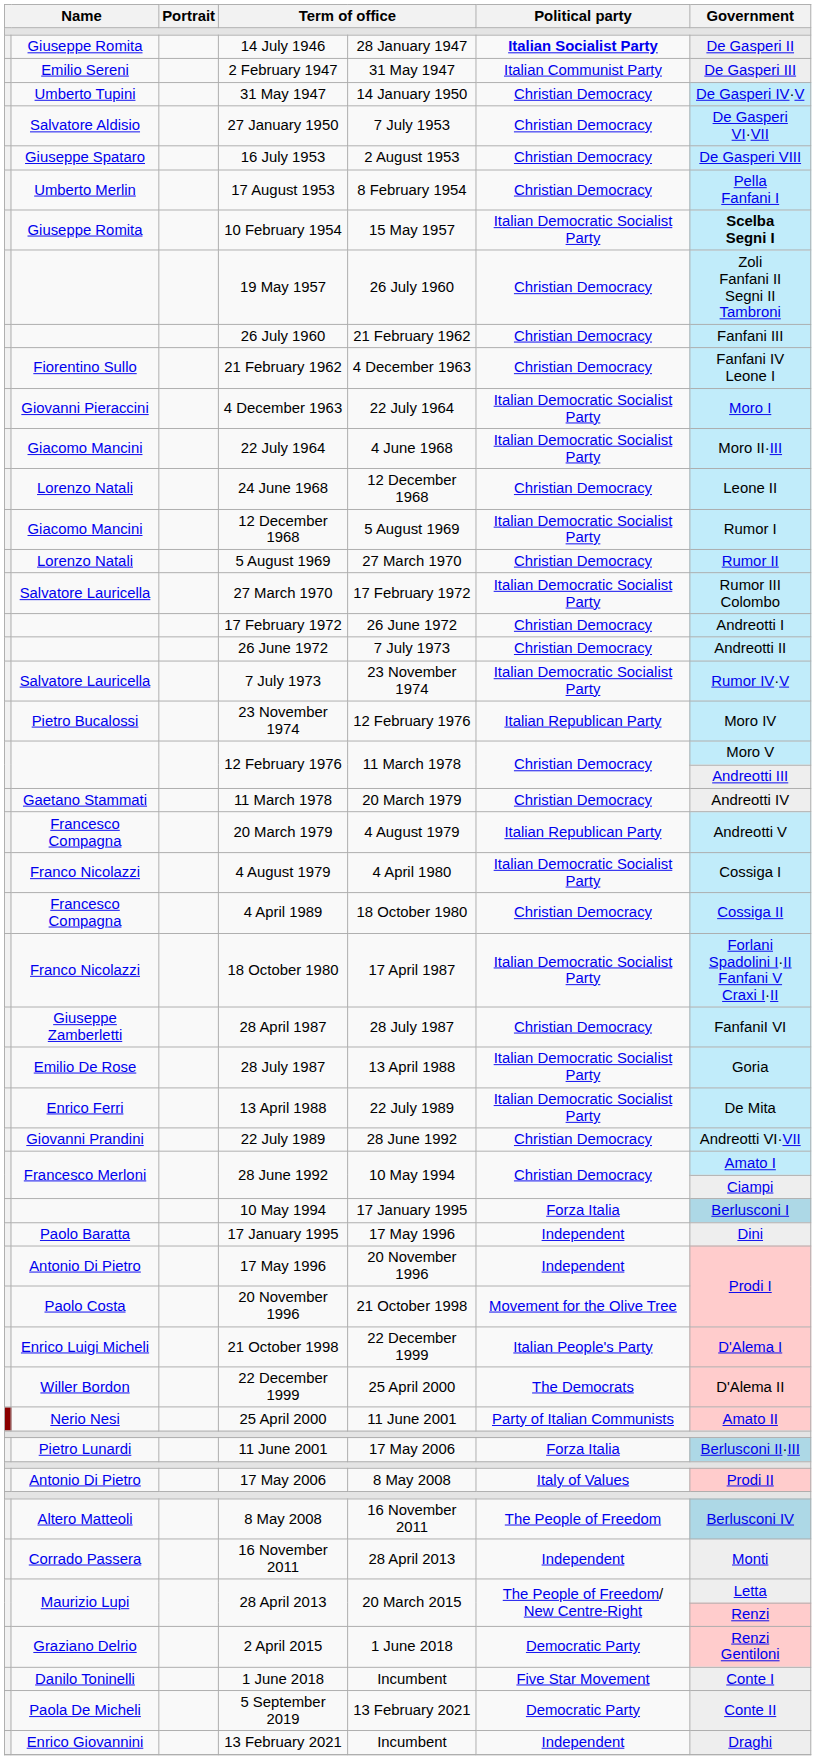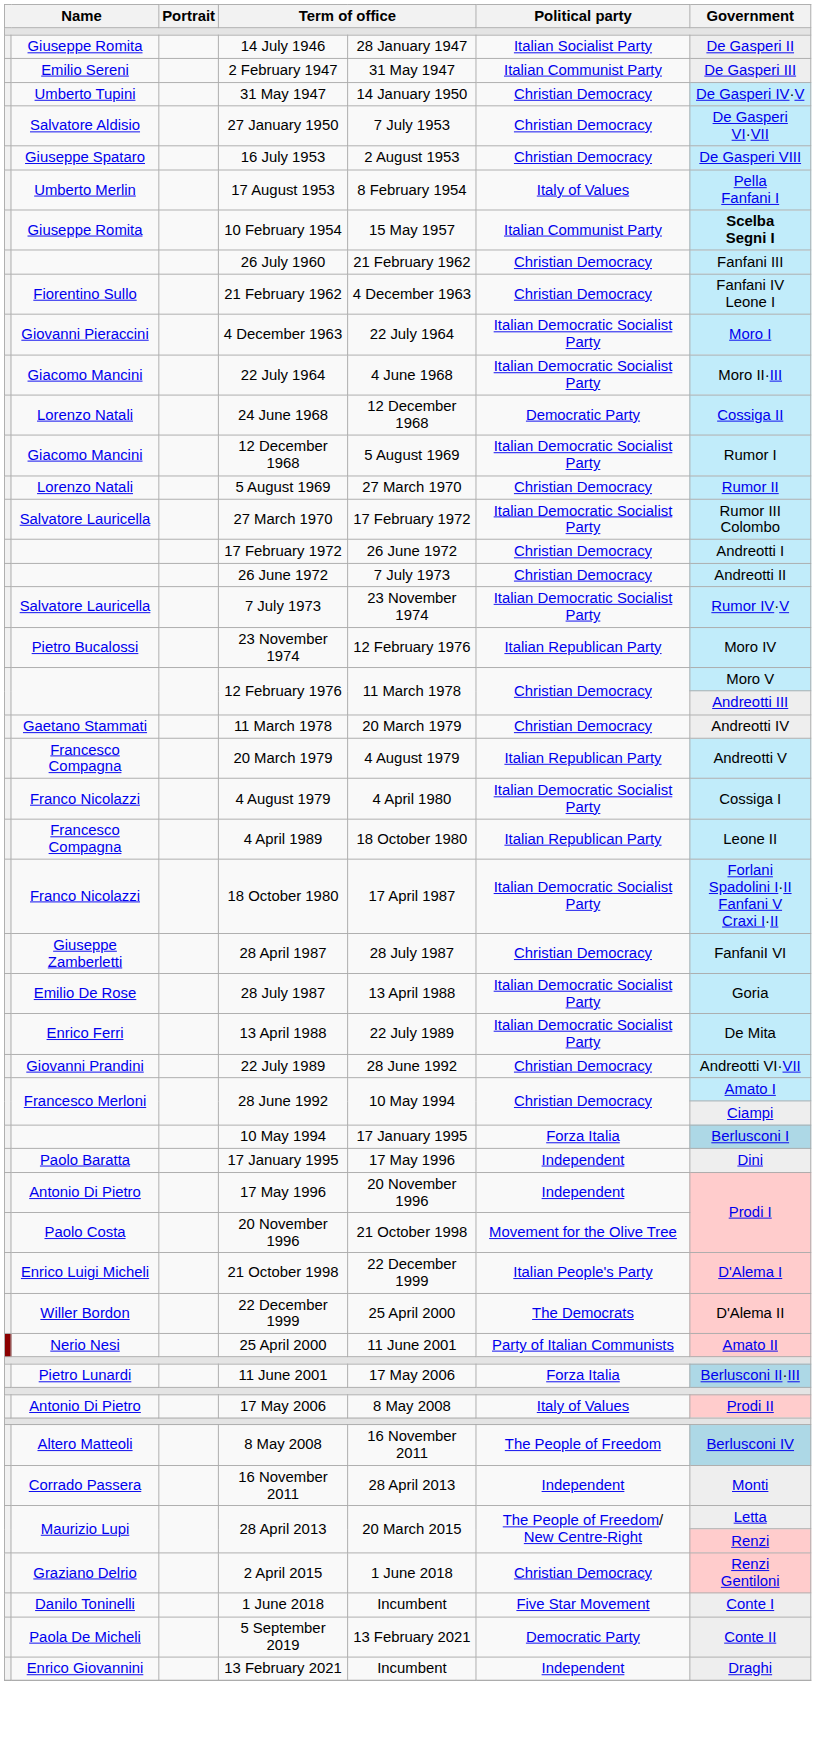 <table class="wikitable" style="text-align:center">
 <tr>
 <th colspan=2>Name<br></th>
 <th>Portrait</th>
 <th colspan=2>Term of office</th>
 <th>Political party</th>
 <th>Government</th>
 </tr>
 <tr>
 <td style="background:#E4E4E4;" colspan=7></td>
 </tr>
 <tr>
 <th style="background:"></th>
 <td><a href='#'>Giuseppe Romita</a><br></td>
 <td></td>
 <td>14 July 1946</td>
 <td>28 January 1947</td>
-<td><strong><a href='#'>Italian Socialist Party</a></strong></td>
+<td><a href='#'>Italian Socialist Party</a></td>
 <td bgcolor=#EEEEEE><a href='#'>De Gasperi II</a></td>
 </tr>
 <tr>
 <th style="background:"></th>
 <td><a href='#'>Emilio Sereni</a><br></td>
 <td></td>
 <td>2 February 1947</td>
 <td>31 May 1947</td>
 <td><a href='#'>Italian Communist Party</a></td>
 <td bgcolor=#EEEEEE><a href='#'>De Gasperi III</a></td>
 </tr>
 <tr>
 <th style="background:"></th>
 <td><a href='#'>Umberto Tupini</a><br></td>
 <td></td>
 <td>31 May 1947</td>
 <td>14 January 1950</td>
 <td><a href='#'>Christian Democracy</a></td>
 <td bgcolor=#C1ECFA><a href='#'>De Gasperi IV</a>·<a href='#'>V</a></td>
 </tr>
 <tr>
 <th style="background:"></th>
 <td><a href='#'>Salvatore Aldisio</a><br></td>
 <td></td>
 <td>27 January 1950</td>
 <td>7 July 1953</td>
 <td><a href='#'>Christian Democracy</a></td>
 <td bgcolor=#C1ECFA><a href='#'>De Gasperi VI</a>·<a href='#'>VII</a></td>
 </tr>
 <tr>
 <th style="background:"></th>
 <td><a href='#'>Giuseppe Spataro</a><br></td>
 <td></td>
 <td>16 July 1953</td>
 <td>2 August 1953</td>
 <td><a href='#'>Christian Democracy</a></td>
 <td bgcolor=#C1ECFA><a href='#'>De Gasperi VIII</a></td>
 </tr>
 <tr>
 <th style="background:"></th>
 <td><a href='#'>Umberto Merlin</a><br></td>
 <td></td>
 <td>17 August 1953</td>
 <td>8 February 1954</td>
-<td><a href='#'>Christian Democracy</a></td>
+<td><a href='#'>Italy of Values</a></td>
 <td bgcolor=#C1ECFA><a href='#'>Pella</a><br><a href='#'>Fanfani I</a></td>
 </tr>
 <tr>
 <th style="background:"></th>
 <td><a href='#'>Giuseppe Romita</a><br></td>
 <td></td>
 <td>10 February 1954</td>
 <td>15 May 1957</td>
-<td><a href='#'>Italian Democratic Socialist Party</a></td>
+<td><a href='#'>Italian Communist Party</a></td>
 <td bgcolor=#C1ECFA><strong>Scelba<br>Segni I</strong></td>
-</tr>
-<tr>
-<th style="background:"></th>
-<td><br></td>
-<td></td>
-<td>19 May 1957</td>
-<td>26 July 1960</td>
-<td><a href='#'>Christian Democracy</a></td>
-<td bgcolor=#C1ECFA>Zoli<br>Fanfani II<br>Segni II<br><a href='#'>Tambroni</a></td>
 </tr>
 <tr>
 <th style="background:"></th>
 <td><br></td>
 <td></td>
 <td>26 July 1960</td>
 <td>21 February 1962</td>
 <td><a href='#'>Christian Democracy</a></td>
 <td bgcolor=#C1ECFA>Fanfani III</td>
 </tr>
 <tr>
 <th style="background:"></th>
 <td><a href='#'>Fiorentino Sullo</a><br></td>
 <td></td>
 <td>21 February 1962</td>
 <td>4 December 1963</td>
 <td><a href='#'>Christian Democracy</a></td>
 <td bgcolor=#C1ECFA>Fanfani IV<br>Leone I</td>
 </tr>
 <tr>
 <th style="background:"></th>
 <td><a href='#'>Giovanni Pieraccini</a><br></td>
 <td></td>
 <td>4 December 1963</td>
 <td>22 July 1964</td>
 <td><a href='#'>Italian Democratic Socialist Party</a></td>
 <td bgcolor=#C1ECFA><a href='#'>Moro I</a></td>
 </tr>
 <tr>
 <th style="background:"></th>
 <td><a href='#'>Giacomo Mancini</a><br></td>
 <td></td>
 <td>22 July 1964</td>
 <td>4 June 1968</td>
 <td><a href='#'>Italian Democratic Socialist Party</a></td>
 <td bgcolor=#C1ECFA>Moro II·<a href='#'>III</a></td>
 </tr>
 <tr>
 <th style="background:"></th>
 <td><a href='#'>Lorenzo Natali</a><br></td>
 <td></td>
 <td>24 June 1968</td>
 <td>12 December 1968</td>
-<td><a href='#'>Christian Democracy</a></td>
-<td bgcolor=#C1ECFA>Leone II</td>
+<td><a href='#'>Democratic Party</a></td>
+<td bgcolor=#C1ECFA><a href='#'>Cossiga II</a></td>
 </tr>
 <tr>
 <th style="background:"></th>
 <td><a href='#'>Giacomo Mancini</a><br></td>
 <td></td>
 <td>12 December 1968</td>
 <td>5 August 1969</td>
 <td><a href='#'>Italian Democratic Socialist Party</a></td>
 <td bgcolor=#C1ECFA>Rumor I</td>
 </tr>
 <tr>
 <th style="background:"></th>
 <td><a href='#'>Lorenzo Natali</a><br></td>
 <td></td>
 <td>5 August 1969</td>
 <td>27 March 1970</td>
 <td><a href='#'>Christian Democracy</a></td>
 <td bgcolor=#C1ECFA><a href='#'>Rumor II</a></td>
 </tr>
 <tr>
 <th style="background:"></th>
 <td><a href='#'>Salvatore Lauricella</a><br></td>
 <td></td>
 <td>27 March 1970</td>
 <td>17 February 1972</td>
 <td><a href='#'>Italian Democratic Socialist Party</a></td>
 <td bgcolor=#C1ECFA>Rumor III<br>Colombo</td>
 </tr>
 <tr>
 <th style="background:"></th>
 <td></td>
 <td></td>
 <td>17 February 1972</td>
 <td>26 June 1972</td>
 <td><a href='#'>Christian Democracy</a></td>
 <td bgcolor=#C1ECFA>Andreotti I</td>
 </tr>
 <tr>
 <th style="background:"></th>
 <td></td>
 <td></td>
 <td>26 June 1972</td>
 <td>7 July 1973</td>
 <td><a href='#'>Christian Democracy</a></td>
 <td bgcolor=#C1ECFA>Andreotti II</td>
 </tr>
 <tr>
 <th style="background:"></th>
 <td><a href='#'>Salvatore Lauricella</a><br></td>
 <td></td>
 <td>7 July 1973</td>
 <td>23 November 1974</td>
 <td><a href='#'>Italian Democratic Socialist Party</a></td>
 <td bgcolor=#C1ECFA><a href='#'>Rumor IV</a>·<a href='#'>V</a></td>
 </tr>
 <tr>
 <th style="background:"></th>
 <td><a href='#'>Pietro Bucalossi</a><br></td>
 <td></td>
 <td>23 November 1974</td>
 <td>12 February 1976</td>
 <td><a href='#'>Italian Republican Party</a></td>
 <td bgcolor=#C1ECFA>Moro IV</td>
 </tr>
 <tr>
 <th rowspan=2 style="background:"></th>
 <td rowspan=2></td>
 <td rowspan=2></td>
 <td rowspan=2>12 February 1976</td>
 <td rowspan=2>11 March 1978</td>
 <td rowspan=2><a href='#'>Christian Democracy</a></td>
 <td bgcolor=#C1ECFA>Moro V</td>
 </tr>
 <tr>
 <td bgcolor=#EEEEEE><a href='#'>Andreotti III</a></td>
 </tr>
 <tr>
 <th style="background:"></th>
 <td><a href='#'>Gaetano Stammati</a><br></td>
 <td></td>
 <td>11 March 1978</td>
 <td>20 March 1979</td>
 <td><a href='#'>Christian Democracy</a></td>
 <td bgcolor=#EEEEEE>Andreotti IV</td>
 </tr>
 <tr>
 <th style="background:"></th>
 <td><a href='#'>Francesco Compagna</a><br></td>
 <td></td>
 <td>20 March 1979</td>
 <td>4 August 1979</td>
 <td><a href='#'>Italian Republican Party</a></td>
 <td bgcolor=#C1ECFA>Andreotti V</td>
 </tr>
 <tr>
 <th style="background:"></th>
 <td><a href='#'>Franco Nicolazzi</a><br></td>
 <td></td>
 <td>4 August 1979</td>
 <td>4 April 1980</td>
 <td><a href='#'>Italian Democratic Socialist Party</a></td>
 <td bgcolor=#C1ECFA>Cossiga I</td>
 </tr>
 <tr>
 <th style="background:"></th>
 <td><a href='#'>Francesco Compagna</a><br></td>
 <td></td>
 <td>4 April 1989</td>
 <td>18 October 1980</td>
-<td><a href='#'>Christian Democracy</a></td>
-<td bgcolor=#C1ECFA><a href='#'>Cossiga II</a></td>
+<td><a href='#'>Italian Republican Party</a></td>
+<td bgcolor=#C1ECFA>Leone II</td>
 </tr>
 <tr>
 <th style="background:"></th>
 <td><a href='#'>Franco Nicolazzi</a><br></td>
 <td></td>
 <td>18 October 1980</td>
 <td>17 April 1987</td>
 <td><a href='#'>Italian Democratic Socialist Party</a></td>
 <td bgcolor=#C1ECFA><a href='#'>Forlani</a><br><a href='#'>Spadolini I</a>·<a href='#'>II</a><br><a href='#'>Fanfani V</a><br><a href='#'>Craxi I</a>·<a href='#'>II</a></td>
 </tr>
 <tr>
 <th style="background:"></th>
 <td><a href='#'>Giuseppe Zamberletti</a><br></td>
 <td></td>
 <td>28 April 1987</td>
 <td>28 July 1987</td>
 <td><a href='#'>Christian Democracy</a></td>
 <td bgcolor=#C1ECFA>FanfaniI VI</td>
 </tr>
 <tr>
 <th style="background:"></th>
 <td><a href='#'>Emilio De Rose</a><br></td>
 <td></td>
 <td>28 July 1987</td>
 <td>13 April 1988</td>
 <td><a href='#'>Italian Democratic Socialist Party</a></td>
 <td bgcolor=#C1ECFA>Goria</td>
 </tr>
 <tr>
 <th style="background:"></th>
 <td><a href='#'>Enrico Ferri</a><br></td>
 <td></td>
 <td>13 April 1988</td>
 <td>22 July 1989</td>
 <td><a href='#'>Italian Democratic Socialist Party</a></td>
 <td bgcolor=#C1ECFA>De Mita</td>
 </tr>
 <tr>
 <th style="background:"></th>
 <td><a href='#'>Giovanni Prandini</a><br></td>
 <td></td>
 <td>22 July 1989</td>
 <td>28 June 1992</td>
 <td><a href='#'>Christian Democracy</a></td>
 <td bgcolor=#C1ECFA>Andreotti VI·<a href='#'>VII</a></td>
 </tr>
 <tr>
 <th rowspan=2 style="background:"></th>
 <td rowspan=2><a href='#'>Francesco Merloni</a><br></td>
 <td rowspan=2></td>
 <td rowspan=2>28 June 1992</td>
 <td rowspan=2>10 May 1994</td>
 <td rowspan=2><a href='#'>Christian Democracy</a></td>
 <td bgcolor=#C1ECFA><a href='#'>Amato I</a></td>
 </tr>
 <tr>
 <td bgcolor=#EEEEEE><a href='#'>Ciampi</a></td>
 </tr>
 <tr>
 <th style="background:"></th>
 <td><br></td>
 <td></td>
 <td>10 May 1994</td>
 <td>17 January 1995</td>
 <td><a href='#'>Forza Italia</a></td>
 <td bgcolor=#ADD8E6><a href='#'>Berlusconi I</a></td>
 </tr>
 <tr>
 <th style="background:"></th>
 <td><a href='#'>Paolo Baratta</a><br></td>
 <td></td>
 <td>17 January 1995</td>
 <td>17 May 1996</td>
 <td><a href='#'>Independent</a></td>
 <td bgcolor=#EEEEEE><a href='#'>Dini</a></td>
 </tr>
 <tr>
 <th style="background:"></th>
 <td><a href='#'>Antonio Di Pietro</a><br></td>
 <td></td>
 <td>17 May 1996</td>
 <td>20 November 1996</td>
 <td><a href='#'>Independent</a></td>
 <td rowspan=2 bgcolor=#FFCCCC><a href='#'>Prodi I</a></td>
 </tr>
 <tr>
 <th style="background:"></th>
 <td><a href='#'>Paolo Costa</a><br></td>
 <td></td>
 <td>20 November 1996</td>
 <td>21 October 1998</td>
 <td><a href='#'>Movement for the Olive Tree</a></td>
 </tr>
 <tr>
 <th style="background:"></th>
 <td><a href='#'>Enrico Luigi Micheli</a><br></td>
 <td></td>
 <td>21 October 1998</td>
 <td>22 December 1999</td>
 <td><a href='#'>Italian People's Party</a></td>
 <td bgcolor=#FFCCCC><a href='#'>D'Alema I</a></td>
 </tr>
 <tr>
 <th style="background:"></th>
 <td><a href='#'>Willer Bordon</a><br></td>
 <td></td>
 <td>22 December 1999</td>
 <td>25 April 2000</td>
 <td><a href='#'>The Democrats</a></td>
 <td bgcolor=#FFCCCC>D'Alema II</td>
 </tr>
 <tr>
 <th style="background:darkred;"></th>
 <td><a href='#'>Nerio Nesi</a><br></td>
 <td></td>
 <td>25 April 2000</td>
 <td>11 June 2001</td>
 <td><a href='#'>Party of Italian Communists</a></td>
 <td bgcolor=#FFCCCC><a href='#'>Amato II</a></td>
 </tr>
 <tr>
 <td style="background:#E4E4E4;" colspan=7></td>
 </tr>
 <tr>
 <th style="background:"></th>
 <td><a href='#'>Pietro Lunardi</a><br></td>
 <td></td>
 <td>11 June 2001</td>
 <td>17 May 2006</td>
 <td><a href='#'>Forza Italia</a></td>
 <td bgcolor=#ADD8E6><a href='#'>Berlusconi II</a>·<a href='#'>III</a></td>
 </tr>
 <tr>
 <td style="background:#E4E4E4;" colspan=7></td>
 </tr>
 <tr>
 <th style="background:"></th>
 <td><a href='#'>Antonio Di Pietro</a><br></td>
 <td></td>
 <td>17 May 2006</td>
 <td>8 May 2008</td>
 <td><a href='#'>Italy of Values</a></td>
 <td bgcolor=#FFCCCC><a href='#'>Prodi II</a></td>
 </tr>
 <tr>
 <td style="background:#E4E4E4;" colspan=7></td>
 </tr>
 <tr>
 <th style="background:"></th>
 <td><a href='#'>Altero Matteoli</a><br></td>
 <td></td>
 <td>8 May 2008</td>
 <td>16 November 2011</td>
 <td><a href='#'>The People of Freedom</a></td>
 <td bgcolor=#ADD8E6><a href='#'>Berlusconi IV</a></td>
 </tr>
 <tr>
 <th style="background:"></th>
 <td><a href='#'>Corrado Passera</a><br></td>
 <td></td>
 <td>16 November 2011</td>
 <td>28 April 2013</td>
 <td><a href='#'>Independent</a></td>
 <td bgcolor=#EEEEEE><a href='#'>Monti</a></td>
 </tr>
 <tr>
 <th rowspan=2 style="background:"></th>
 <td rowspan=2><a href='#'>Maurizio Lupi</a><br></td>
 <td rowspan=2></td>
 <td rowspan=2>28 April 2013</td>
 <td rowspan=2>20 March  2015</td>
 <td rowspan=2><a href='#'>The People of Freedom</a>/<br><a href='#'>New Centre-Right</a></td>
 <td bgcolor=#EEEEEE><a href='#'>Letta</a></td>
 </tr>
 <tr>
 <td bgcolor=#FFCCCC><a href='#'>Renzi</a></td>
 </tr>
 <tr>
 <th style="background:"></th>
 <td><a href='#'>Graziano Delrio</a><br></td>
 <td></td>
 <td>2 April 2015</td>
 <td>1 June 2018</td>
-<td><a href='#'>Democratic Party</a></td>
+<td><a href='#'>Christian Democracy</a></td>
 <td bgcolor=#FFCCCC><a href='#'>Renzi</a><br><a href='#'>Gentiloni</a></td>
 </tr>
 <tr>
 <th style="background:"></th>
 <td><a href='#'>Danilo Toninelli</a><br></td>
 <td></td>
 <td>1 June 2018</td>
 <td>Incumbent</td>
 <td><a href='#'>Five Star Movement</a></td>
 <td bgcolor=#EEEEEE><a href='#'>Conte I</a></td>
 </tr>
 <tr>
 <th style="background:"></th>
 <td><a href='#'>Paola De Micheli</a><br></td>
 <td></td>
 <td>5 September 2019</td>
 <td>13 February 2021</td>
 <td><a href='#'>Democratic Party</a></td>
 <td bgcolor=#EEEEEE><a href='#'>Conte II</a></td>
 </tr>
 <tr>
 <th style="background:"></th>
 <td><a href='#'>Enrico Giovannini</a><br></td>
 <td></td>
 <td>13 February 2021</td>
 <td>Incumbent</td>
 <td><a href='#'>Independent</a></td>
 <td bgcolor=#EEEEEE><a href='#'>Draghi</a></td>
 </tr>
 <tr>
 </tr>
 </table>
